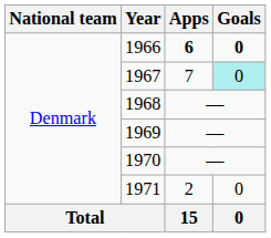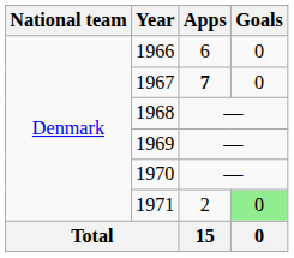 <table class="wikitable" style="text-align:center">
 <tr>
 <th>National team</th>
 <th>Year</th>
 <th>Apps</th>
 <th>Goals</th>
 </tr>
 <tr>
 <td rowspan="6"><a href='#'>Denmark</a></td>
 <td>1966</td>
-<td><strong>6</strong></td>
-<td><strong>0</strong></td>
+<td>6</td>
+<td>0</td>
 </tr>
 <tr>
 <td>1967</td>
-<td>7</td>
-<td style="background: paleturquoise;">0</td>
+<td><strong>7</strong></td>
+<td>0</td>
 </tr>
 <tr>
 <td>1968</td>
 <td colspan="2">—</td>
 </tr>
 <tr>
 <td>1969</td>
 <td colspan="2">—</td>
 </tr>
 <tr>
 <td>1970</td>
 <td colspan="2">—</td>
 </tr>
 <tr>
 <td>1971</td>
 <td>2</td>
-<td>0</td>
+<td style="background: lightgreen;">0</td>
 </tr>
 <tr>
 <th colspan="2">Total</th>
 <th>15</th>
 <th>0</th>
 </tr>
 </table>
